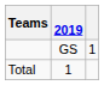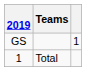 <table class="wikitable" style="font-size:95%; text-align: center;">
 <tr>
+<th> <br> <a href='#'>2019</a></th>
 <th>Teams</th>
-<th> <br> <a href='#'>2019</a></th>
 <th></th>
 </tr>
 <tr>
+<td>GS</td>
 <td align=left></td>
-<td>GS</td>
 <td>1</td>
 </tr>
 <tr>
+<td>1</td>
 <td align="left">Total</td>
-<td>1</td>
 <td></td>
 </tr>
 </table>
